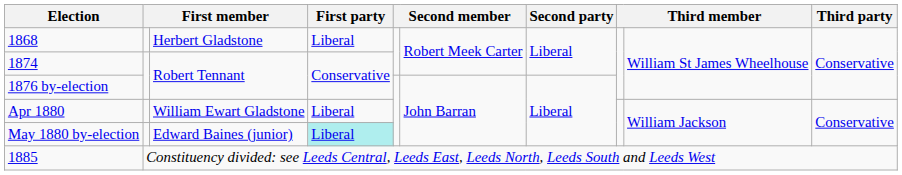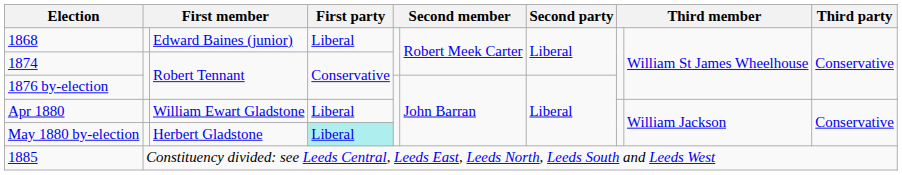 <table class="wikitable">
 <tr>
 <th>Election</th>
 <th colspan="2">First member</th>
 <th>First party</th>
 <th colspan="2">Second member</th>
 <th>Second party</th>
 <th colspan="2">Third member</th>
 <th>Third party</th>
 </tr>
 <tr>
 <td><a href='#'>1868</a></td>
 <td style="color:inherit;background-color: "></td>
-<td><a href='#'>Herbert Gladstone</a></td>
+<td><a href='#'>Edward Baines (junior)</a></td>
 <td><a href='#'>Liberal</a></td>
 <td rowspan="2" style="color:inherit;background-color: "></td>
 <td rowspan="2"><a href='#'>Robert Meek Carter</a></td>
 <td rowspan="2"><a href='#'>Liberal</a></td>
 <td rowspan="3" style="color:inherit;background-color: "></td>
 <td rowspan="3"><a href='#'>William St James Wheelhouse</a></td>
 <td rowspan="3"><a href='#'>Conservative</a></td>
 </tr>
 <tr>
 <td><a href='#'>1874</a></td>
 <td rowspan="2" style="color:inherit;background-color: "></td>
 <td rowspan="2"><a href='#'>Robert Tennant</a></td>
 <td rowspan="2"><a href='#'>Conservative</a></td>
 </tr>
 <tr>
 <td><a href='#'>1876 by-election</a></td>
 <td rowspan="3" style="color:inherit;background-color: "></td>
 <td rowspan="3"><a href='#'>John Barran</a></td>
 <td rowspan="3"><a href='#'>Liberal</a></td>
 </tr>
 <tr>
 <td><a href='#'>Apr 1880</a></td>
 <td style="color:inherit;background-color: "></td>
 <td><a href='#'>William Ewart Gladstone</a></td>
 <td><a href='#'>Liberal</a></td>
 <td rowspan="2" style="color:inherit;background-color: "></td>
 <td rowspan="2"><a href='#'>William Jackson</a></td>
 <td rowspan="2"><a href='#'>Conservative</a></td>
 </tr>
 <tr>
 <td><a href='#'>May 1880 by-election</a></td>
 <td style="color:inherit;background-color: "></td>
-<td><a href='#'>Edward Baines (junior)</a></td>
+<td><a href='#'>Herbert Gladstone</a></td>
 <td style="background: paleturquoise;"><a href='#'>Liberal</a></td>
 </tr>
 <tr>
 <td><a href='#'>1885</a></td>
 <td colspan="9"><em>Constituency divided: see <a href='#'>Leeds Central</a>, <a href='#'>Leeds East</a>, <a href='#'>Leeds North</a>, <a href='#'>Leeds South</a> and <a href='#'>Leeds West</a></em></td>
 </tr>
 </table>
